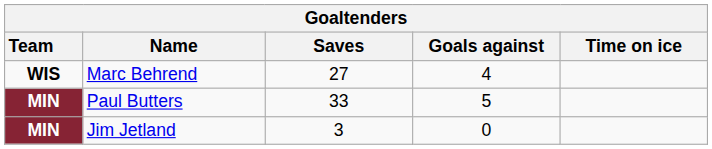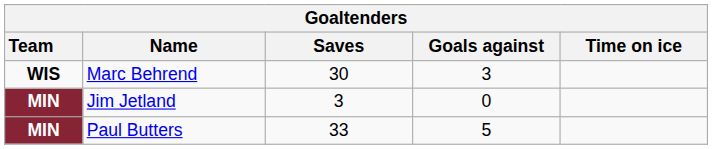 <table class="wikitable" style="width:40em; text-align:right;">
 <tr>
 <th colspan=5>Goaltenders</th>
 </tr>
 <tr>
 <th style="width:4em; text-align:left;">Team</th>
 <th style="width:10em;">Name</th>
 <th style="width:8em;">Saves</th>
 <th style="width:8em;">Goals against</th>
 <th style="width:8em;">Time on ice</th>
 </tr>
 <tr>
 <td align=center><strong>WIS</strong></td>
 <td style="text-align:left;"><a href='#'>Marc Behrend</a></td>
-<td align=center>27</td>
-<td align=center>4</td>
+<td align=center>30</td>
+<td align=center>3</td>
+<td align=center></td>
+</tr>
+<tr>
+<td align=center style="color:white; background:#862334; "><strong>MIN</strong></td>
+<td style="text-align:left;"><a href='#'>Jim Jetland</a></td>
+<td align=center>3</td>
+<td align=center>0</td>
 <td align=center></td>
 </tr>
 <tr>
 <td align=center style="color:white; background:#862334; "><strong>MIN</strong></td>
 <td style="text-align:left;"><a href='#'>Paul Butters</a></td>
 <td align=center>33</td>
 <td align=center>5</td>
 <td align=center></td>
 </tr>
-<tr>
-<td align=center style="color:white; background:#862334; "><strong>MIN</strong></td>
-<td style="text-align:left;"><a href='#'>Jim Jetland</a></td>
-<td align=center>3</td>
-<td align=center>0</td>
-<td align=center></td>
-</tr>
 </table>
